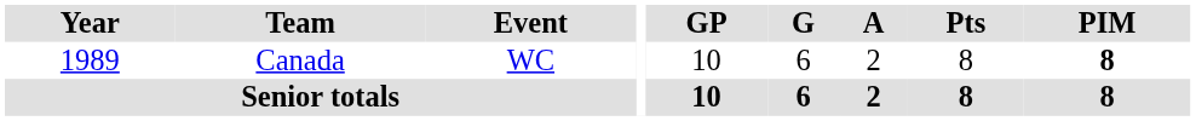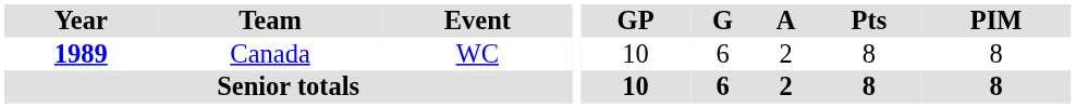 <table border="0" cellpadding="1" cellspacing="0" ID="Table3" style="text-align:center; width:40em">
 <tr bgcolor="#e0e0e0">
 <th>Year</th>
 <th>Team</th>
 <th>Event</th>
 <th rowspan="102" bgcolor="#ffffff"></th>
 <th>GP</th>
 <th>G</th>
 <th>A</th>
 <th>Pts</th>
 <th>PIM</th>
 </tr>
 <tr>
-<td><a href='#'>1989</a></td>
+<td><strong><a href='#'>1989</a></strong></td>
 <td><a href='#'>Canada</a></td>
 <td><a href='#'>WC</a></td>
 <td>10</td>
 <td>6</td>
 <td>2</td>
 <td>8</td>
-<td><strong>8</strong></td>
+<td>8</td>
 </tr>
 <tr bgcolor="#e0e0e0">
 <th colspan="3">Senior totals</th>
 <th>10</th>
 <th>6</th>
 <th>2</th>
 <th>8</th>
 <th>8</th>
 </tr>
 </table>
